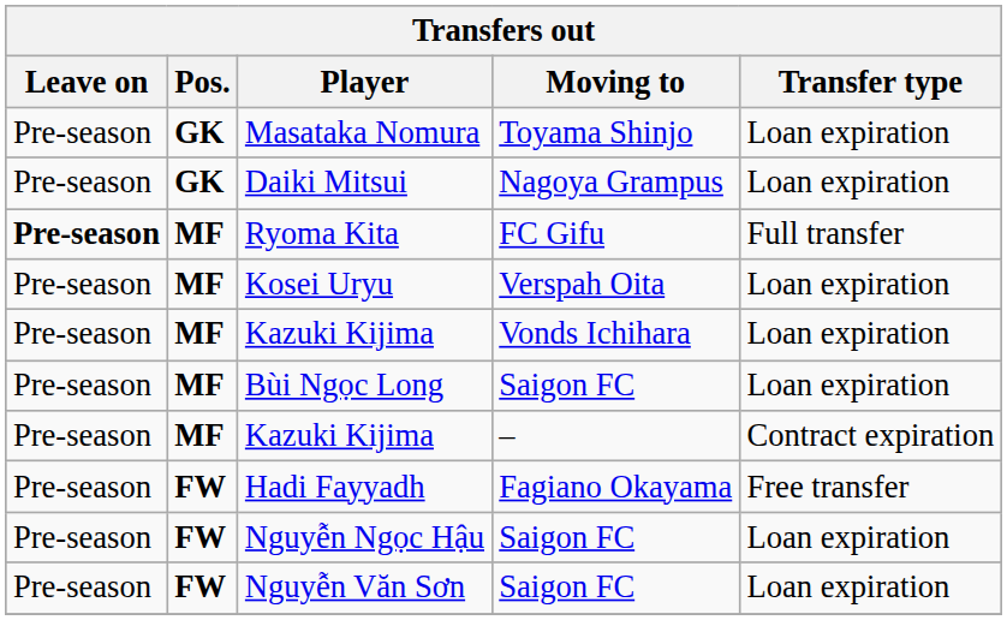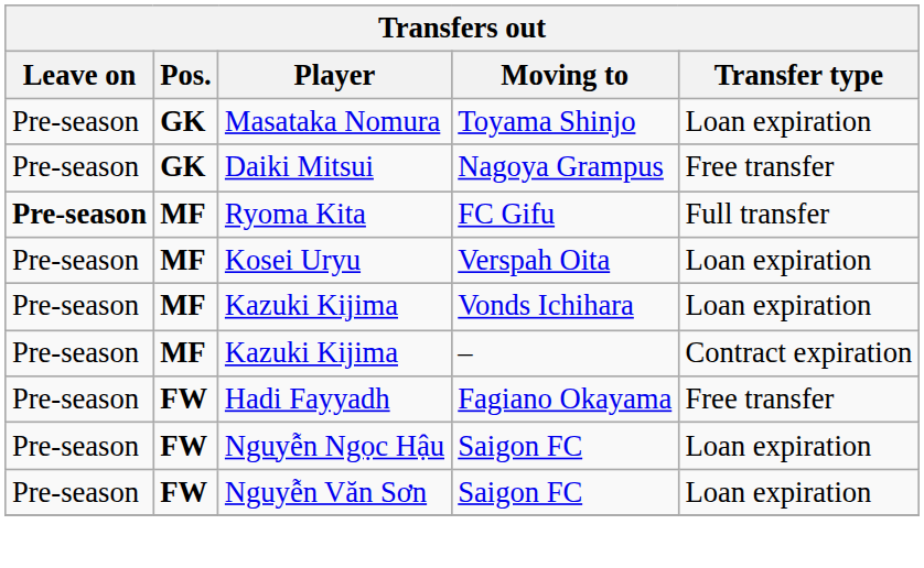 <table class="wikitable sortable" style=“text-align:left;>
 <tr>
 <th colspan="5">Transfers out</th>
 </tr>
 <tr>
 <th>Leave on</th>
 <th>Pos.</th>
 <th>Player</th>
 <th>Moving to</th>
 <th>Transfer type</th>
 </tr>
 <tr>
 <td>Pre-season</td>
 <td><strong>GK</strong></td>
 <td> <a href='#'>Masataka Nomura</a></td>
 <td> <a href='#'>Toyama Shinjo</a></td>
 <td>Loan expiration</td>
 </tr>
 <tr>
 <td>Pre-season</td>
 <td><strong>GK</strong></td>
 <td> <a href='#'>Daiki Mitsui</a></td>
 <td> <a href='#'>Nagoya Grampus</a></td>
-<td>Loan expiration</td>
+<td>Free transfer</td>
 </tr>
 <tr>
 <td><strong>Pre-season</strong></td>
 <td><strong>MF</strong></td>
 <td> <a href='#'>Ryoma Kita</a></td>
 <td> <a href='#'>FC Gifu</a></td>
 <td>Full transfer</td>
 </tr>
 <tr>
 <td>Pre-season</td>
 <td><strong>MF</strong></td>
 <td> <a href='#'>Kosei Uryu</a></td>
 <td> <a href='#'>Verspah Oita</a></td>
 <td>Loan expiration</td>
 </tr>
 <tr>
 <td>Pre-season</td>
 <td><strong>MF</strong></td>
 <td> <a href='#'>Kazuki Kijima</a></td>
 <td> <a href='#'>Vonds Ichihara</a></td>
-<td>Loan expiration</td>
-</tr>
-<tr>
-<td>Pre-season</td>
-<td><strong>MF</strong></td>
-<td> <a href='#'>Bùi Ngọc Long</a></td>
-<td> <a href='#'>Saigon FC</a></td>
 <td>Loan expiration</td>
 </tr>
 <tr>
 <td>Pre-season</td>
 <td><strong>MF</strong></td>
 <td> <a href='#'>Kazuki Kijima</a></td>
 <td>–</td>
 <td>Contract expiration</td>
 </tr>
 <tr>
 <td>Pre-season</td>
 <td><strong>FW</strong></td>
 <td> <a href='#'>Hadi Fayyadh</a></td>
 <td> <a href='#'>Fagiano Okayama</a></td>
 <td>Free transfer</td>
 </tr>
 <tr>
 <td>Pre-season</td>
 <td><strong>FW</strong></td>
 <td> <a href='#'>Nguyễn Ngọc Hậu</a></td>
 <td> <a href='#'>Saigon FC</a></td>
 <td>Loan expiration</td>
 </tr>
 <tr>
 <td>Pre-season</td>
 <td><strong>FW</strong></td>
 <td> <a href='#'>Nguyễn Văn Sơn</a></td>
 <td> <a href='#'>Saigon FC</a></td>
 <td>Loan expiration</td>
 </tr>
 <tr>
 </tr>
 </table>
